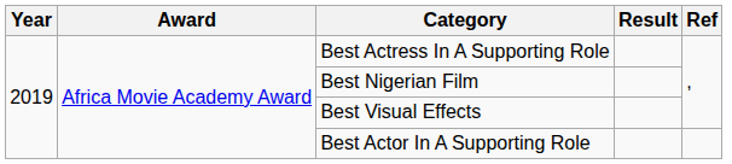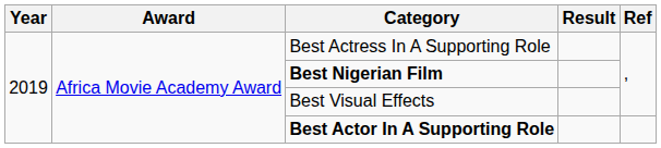 <table class="wikitable">
 <tr>
 <th>Year</th>
 <th>Award</th>
 <th>Category</th>
 <th>Result</th>
 <th>Ref</th>
 </tr>
 <tr>
 <td rowspan="4">2019</td>
 <td rowspan="4≤"><a href='#'>Africa Movie Academy Award</a></td>
 <td>Best Actress In A Supporting Role</td>
 <td></td>
 <td rowspan="3">,</td>
 </tr>
 <tr>
-<td>Best Nigerian Film</td>
+<td><strong>Best Nigerian Film</strong></td>
 <td></td>
 </tr>
 <tr>
 <td>Best Visual Effects</td>
 <td></td>
 </tr>
 <tr>
-<td>Best Actor In A Supporting Role</td>
+<td><strong>Best Actor In A Supporting Role</strong></td>
 <td></td>
 <td></td>
 </tr>
 </table>
